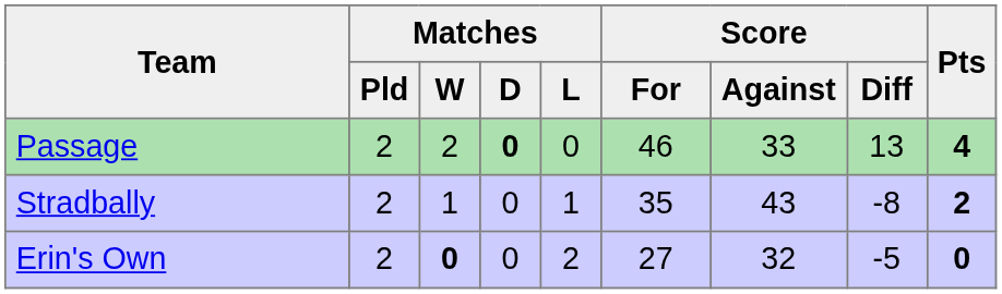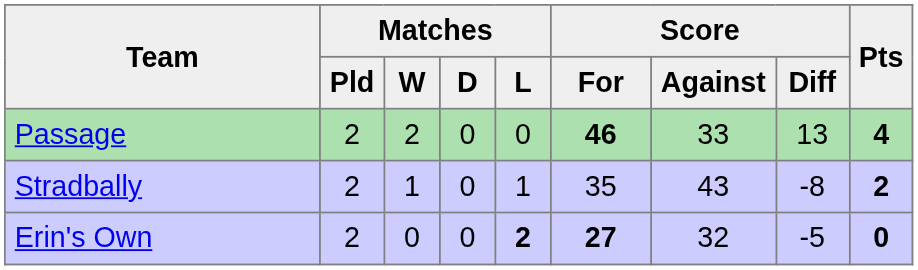 <table style=border-collapse:collapse border=1 cellspacing=0 cellpadding=5>
 <tr align=center bgcolor=#efefef>
 <th rowspan=2 width=165>Team</th>
 <th colspan=4>Matches</th>
 <th colspan=3>Score</th>
 <th rowspan=2width=20>Pts</th>
 </tr>
 <tr align=center bgcolor=#efefef>
 <th width=20>Pld</th>
 <th width=20>W</th>
 <th width=20>D</th>
 <th width=20>L</th>
 <th width=45>For</th>
 <th width=45>Against</th>
 <th width=30>Diff</th>
 </tr>
 <tr align=center  style="background:#ACE1AF;">
 <td style="text-align:left;"><a href='#'>Passage</a></td>
 <td>2</td>
 <td>2</td>
-<td><strong>0</strong></td>
 <td>0</td>
-<td>46</td>
+<td>0</td>
+<td><strong>46</strong></td>
 <td>33</td>
 <td>13</td>
 <td><strong>4</strong></td>
 </tr>
 <tr align=center style="background:#ccccff;">
 <td style="text-align:left;"><a href='#'>Stradbally</a></td>
 <td>2</td>
 <td>1</td>
 <td>0</td>
 <td>1</td>
 <td>35</td>
 <td>43</td>
 <td>-8</td>
 <td><strong>2</strong></td>
 </tr>
 <tr align=center style="background:#ccccff;">
 <td style="text-align:left;"><a href='#'>Erin's Own</a></td>
 <td>2</td>
-<td><strong>0</strong></td>
 <td>0</td>
-<td>2</td>
-<td>27</td>
+<td>0</td>
+<td><strong>2</strong></td>
+<td><strong>27</strong></td>
 <td>32</td>
 <td>-5</td>
 <td><strong>0</strong></td>
 </tr>
 </table>
